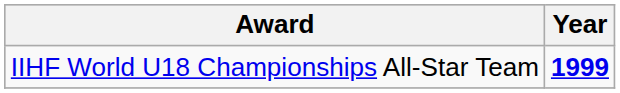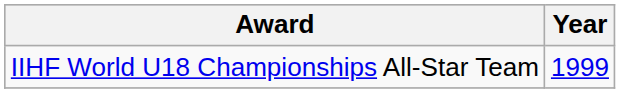 <table class="wikitable">
 <tr>
 <th>Award</th>
 <th>Year</th>
 </tr>
 <tr>
 <td><a href='#'>IIHF World U18 Championships</a> All-Star Team</td>
-<td><strong><a href='#'>1999</a></strong></td>
+<td><a href='#'>1999</a></td>
 </tr>
 </table>
